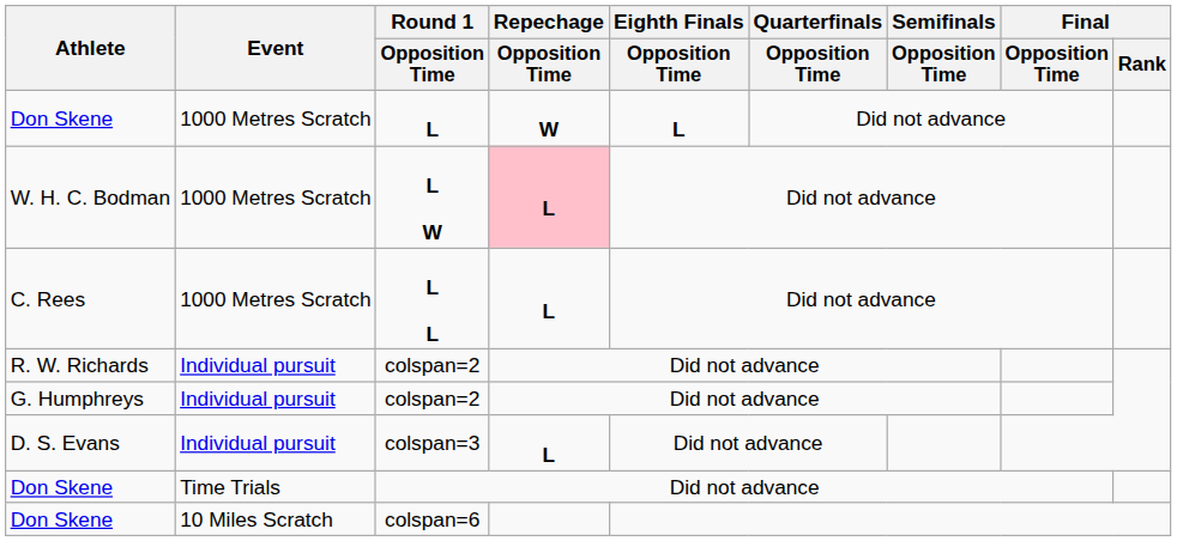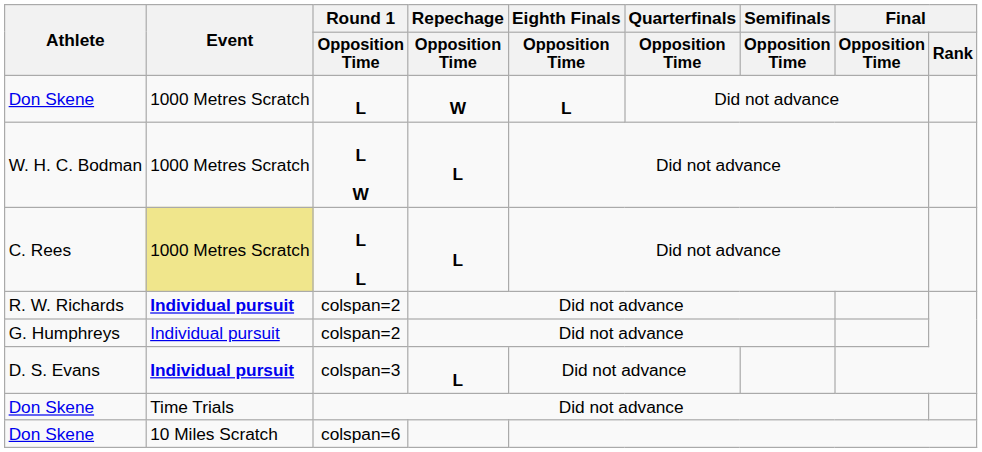 <table class="wikitable" style="font-size:90%;">
 <tr>
 <th rowspan=2>Athlete</th>
 <th rowspan=2>Event</th>
 <th>Round 1</th>
 <th>Repechage</th>
 <th>Eighth Finals</th>
 <th>Quarterfinals</th>
 <th>Semifinals</th>
 <th colspan=2>Final</th>
 </tr>
 <tr style="font-size:95%"!Time>
 <th>Opposition<br>Time</th>
 <th>Opposition<br>Time</th>
 <th>Opposition<br>Time</th>
 <th>Opposition<br>Time</th>
 <th>Opposition<br>Time</th>
 <th>Opposition<br>Time</th>
 <th>Rank</th>
 </tr>
 <tr align=center>
 <td align=left><a href='#'>Don Skene</a></td>
 <td align=left>1000 Metres Scratch</td>
 <td><br> <strong>L</strong></td>
 <td><br><strong>W</strong></td>
 <td><br><strong>L</strong></td>
 <td colspan=3>Did not advance</td>
 <td></td>
 </tr>
 <tr align=center>
 <td align=left>W. H. C. Bodman</td>
 <td align=left>1000 Metres Scratch</td>
 <td><br> <strong>L</strong><br><br><strong>W</strong></td>
-<td style="background: pink;"><br><strong>L</strong></td>
+<td><br><strong>L</strong></td>
 <td colspan=4>Did not advance</td>
 <td></td>
 </tr>
 <tr align=center>
 <td align=left>C. Rees</td>
-<td align=left>1000 Metres Scratch</td>
+<td align=left style="background: khaki;">1000 Metres Scratch</td>
 <td><br> <strong>L</strong><br><br><strong>L</strong></td>
 <td><br><strong>L</strong></td>
 <td colspan=4>Did not advance</td>
 <td></td>
 </tr>
 <tr align=center>
 <td align=left>R. W. Richards</td>
-<td align=left><a href='#'>Individual pursuit</a></td>
+<td align=left><strong><a href='#'>Individual pursuit</a></strong></td>
 <td>colspan=2 </td>
 <td colspan=4>Did not advance</td>
 <td></td>
 </tr>
 <tr align=center>
 <td align=left>G. Humphreys</td>
 <td align=left><a href='#'>Individual pursuit</a></td>
 <td>colspan=2 </td>
 <td colspan=4>Did not advance</td>
 <td></td>
 </tr>
 <tr align=center>
 <td align=left>D. S. Evans</td>
-<td align=left><a href='#'>Individual pursuit</a></td>
+<td align=left><strong><a href='#'>Individual pursuit</a></strong></td>
 <td>colspan=3 </td>
 <td><br><strong>L</strong></td>
 <td colspan=2>Did not advance</td>
 <td></td>
 </tr>
 <tr align=center>
 <td align=left><a href='#'>Don Skene</a></td>
 <td align=left>Time Trials</td>
 <td colspan=6>Did not advance</td>
 <td></td>
 </tr>
 <tr align=center>
 <td align=left><a href='#'>Don Skene</a></td>
 <td align=left>10 Miles Scratch</td>
 <td>colspan=6 </td>
 <td></td>
 </tr>
 </table>
